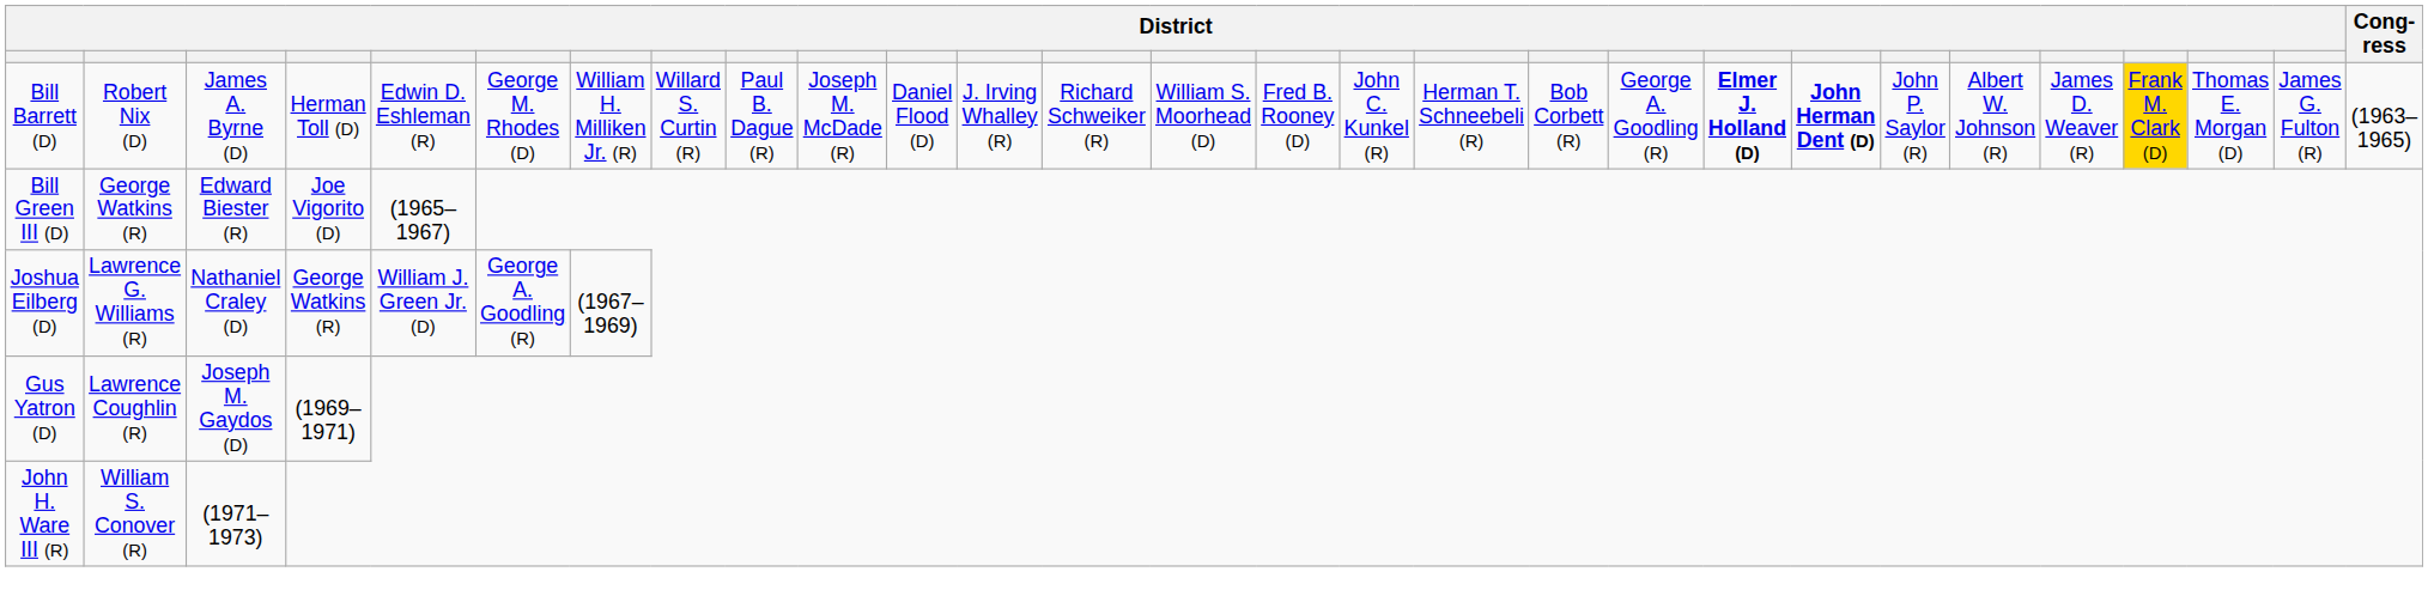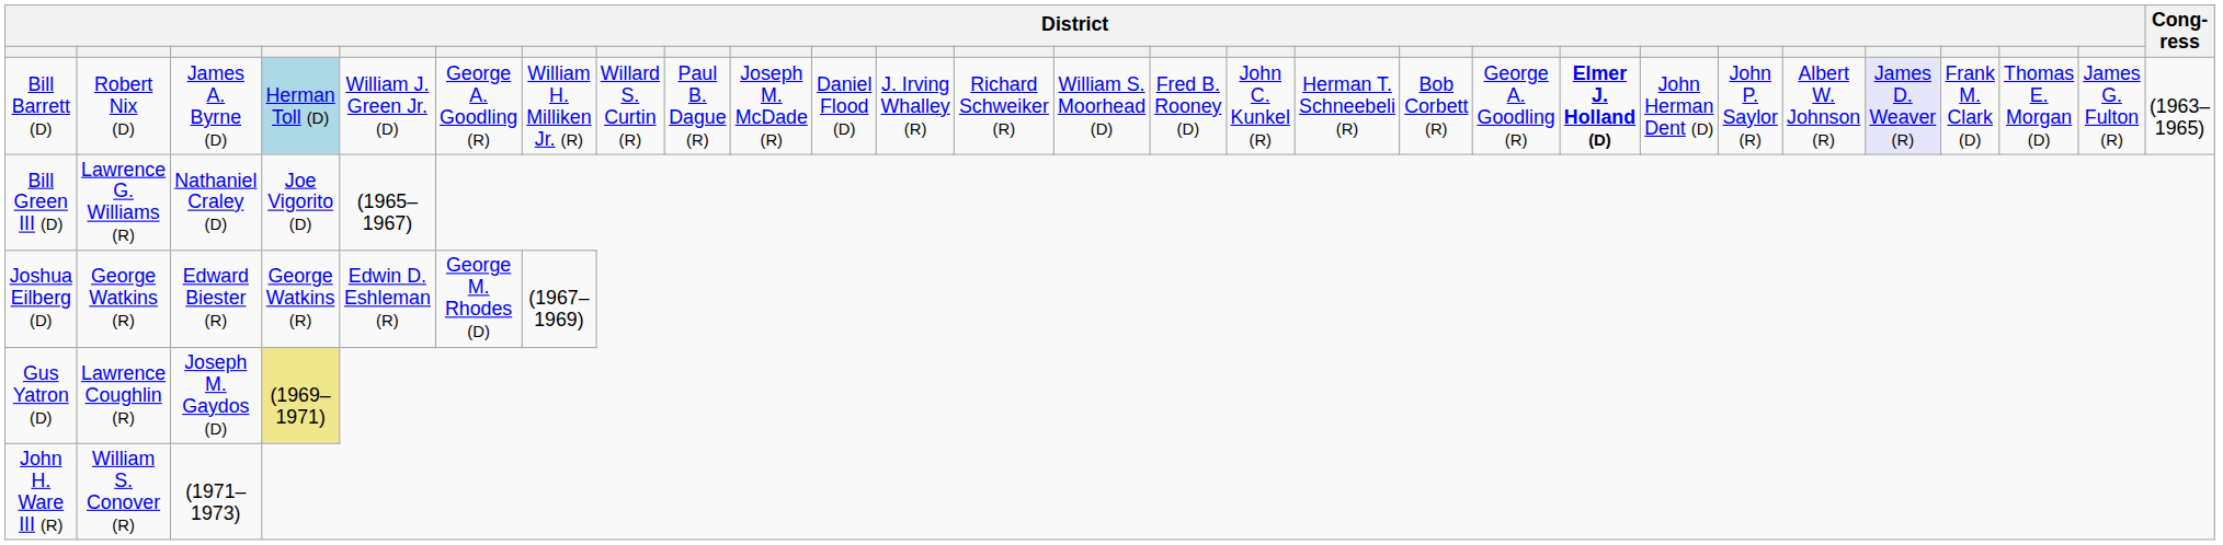 <table class=wikitable style="text-align:center">
 <tr>
 <th colspan=27>District</th>
 <th rowspan=2>Cong­ress</th>
 </tr>
 <tr>
 <th></th>
 <th></th>
 <th></th>
 <th></th>
 <th></th>
 <th></th>
 <th></th>
 <th></th>
 <th></th>
 <th></th>
 <th></th>
 <th></th>
 <th></th>
 <th></th>
 <th></th>
 <th></th>
 <th></th>
 <th></th>
 <th></th>
 <th></th>
 <th></th>
 <th></th>
 <th></th>
 <th></th>
 <th></th>
 <th></th>
 <th></th>
 </tr>
 <tr style="height:3em">
 <td><a href='#'>Bill<br>Barrett</a><br><small>(D)</small></td>
 <td><a href='#'>Robert<br>Nix</a><br><small>(D)</small></td>
 <td><a href='#'>James<br>A.<br>Byrne</a><br><small>(D)</small></td>
-<td><a href='#'>Herman<br>Toll</a> <small>(D)</small></td>
-<td><a href='#'>Edwin D.<br>Eshleman</a><br><small>(R)</small></td>
-<td><a href='#'>George<br>M.<br>Rhodes</a><br><small>(D)</small></td>
+<td style="background: lightblue;"><a href='#'>Herman<br>Toll</a> <small>(D)</small></td>
+<td><a href='#'>William J.<br>Green Jr.</a> <small>(D)</small></td>
+<td><a href='#'>George A.<br>Goodling</a> <small>(R)</small></td>
 <td><a href='#'>William H.<br>Milliken Jr.</a> <small>(R)</small></td>
 <td><a href='#'>Willard<br>S.<br>Curtin</a><br><small>(R)</small></td>
 <td><a href='#'>Paul B.<br>Dague</a> <small>(R)</small></td>
 <td><a href='#'>Joseph<br>M.<br>McDade</a><br><small>(R)</small></td>
 <td><a href='#'>Daniel<br>Flood</a><br><small>(D)</small></td>
 <td><a href='#'>J. Irving<br>Whalley</a><br><small>(R)</small></td>
 <td><a href='#'>Richard<br>Schweiker</a><br><small>(R)</small></td>
 <td><a href='#'>William S.<br>Moorhead</a><br><small>(D)</small></td>
 <td><a href='#'>Fred B.<br>Rooney</a><br><small>(D)</small></td>
 <td><a href='#'>John C.<br>Kunkel</a><br><small>(R)</small></td>
 <td><a href='#'>Herman T.<br>Schneebeli</a><br><small>(R)</small></td>
 <td><a href='#'>Bob<br>Corbett</a><br><small>(R)</small></td>
 <td><a href='#'>George A.<br>Goodling</a> <small>(R)</small></td>
 <td><strong><a href='#'>Elmer J.<br>Holland</a><br><small>(D)</small></strong></td>
-<td><strong><a href='#'>John<br>Herman<br>Dent</a> <small>(D)</small></strong></td>
+<td><a href='#'>John<br>Herman<br>Dent</a> <small>(D)</small></td>
 <td><a href='#'>John<br>P.<br>Saylor</a><br><small>(R)</small></td>
 <td><a href='#'>Albert<br>W.<br>Johnson</a><br><small>(R)</small></td>
-<td><a href='#'>James D.<br>Weaver</a> <small>(R)</small></td>
-<td style="background: gold;"><a href='#'>Frank<br>M.<br>Clark</a><br><small>(D)</small></td>
+<td style="background: lavender;"><a href='#'>James D.<br>Weaver</a> <small>(R)</small></td>
+<td><a href='#'>Frank<br>M.<br>Clark</a><br><small>(D)</small></td>
 <td><a href='#'>Thomas<br>E.<br>Morgan</a><br><small>(D)</small></td>
 <td><a href='#'>James G.<br>Fulton</a> <small>(R)</small></td>
 <td><strong></strong><br>(1963–1965)</td>
 </tr>
 <tr style="height:3em">
 <td><a href='#'>Bill<br>Green<br>III</a> <small>(D)</small></td>
-<td><a href='#'>George<br>Watkins</a> <small>(R)</small></td>
-<td><a href='#'>Edward<br>Biester</a><br><small>(R)</small></td>
+<td><a href='#'>Lawrence G.<br>Williams</a> <small>(R)</small></td>
+<td><a href='#'>Nathaniel<br>Craley</a> <small>(D)</small></td>
 <td><a href='#'>Joe<br>Vigorito</a><br><small>(D)</small></td>
 <td><strong></strong><br>(1965–1967)</td>
 </tr>
 <tr style="height:3em">
 <td><a href='#'>Joshua<br>Eilberg</a><br><small>(D)</small></td>
-<td><a href='#'>Lawrence G.<br>Williams</a> <small>(R)</small></td>
-<td><a href='#'>Nathaniel<br>Craley</a> <small>(D)</small></td>
+<td><a href='#'>George<br>Watkins</a> <small>(R)</small></td>
+<td><a href='#'>Edward<br>Biester</a><br><small>(R)</small></td>
 <td><a href='#'>George<br>Watkins</a><br><small>(R)</small></td>
-<td><a href='#'>William J.<br>Green Jr.</a> <small>(D)</small></td>
-<td><a href='#'>George A.<br>Goodling</a> <small>(R)</small></td>
+<td><a href='#'>Edwin D.<br>Eshleman</a><br><small>(R)</small></td>
+<td><a href='#'>George<br>M.<br>Rhodes</a><br><small>(D)</small></td>
 <td><strong></strong><br>(1967–1969)</td>
 </tr>
 <tr style="height:3em">
 <td><a href='#'>Gus<br>Yatron</a><br><small>(D)</small></td>
 <td><a href='#'>Lawrence<br>Coughlin</a><br><small>(R)</small></td>
 <td><a href='#'>Joseph M.<br>Gaydos</a><br><small>(D)</small></td>
-<td><strong></strong><br>(1969–1971)</td>
+<td style="background: khaki;"><strong></strong><br>(1969–1971)</td>
 </tr>
 <tr style="height:3em">
 <td><a href='#'>John H.<br>Ware III</a> <small>(R)</small></td>
 <td><a href='#'>William S.<br>Conover</a> <small>(R)</small></td>
 <td><strong></strong><br>(1971–1973)</td>
 </tr>
 </table>
